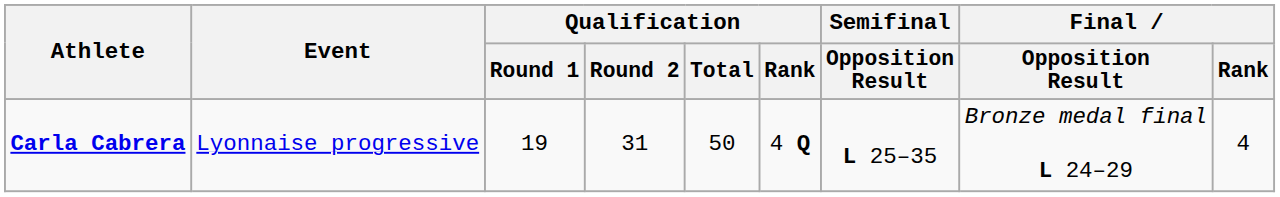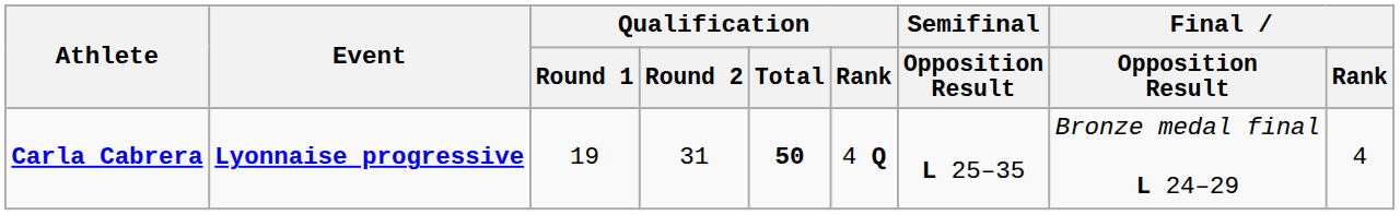 <table class=wikitable style=font-size:90%;text-align:center>
 <tr>
 <th rowspan=2>Athlete</th>
 <th rowspan=2>Event</th>
 <th colspan=4>Qualification</th>
 <th>Semifinal</th>
 <th colspan=2>Final / </th>
 </tr>
 <tr style=font-size:95%>
 <th>Round 1</th>
 <th>Round 2</th>
 <th>Total</th>
 <th>Rank</th>
 <th>Opposition<br>Result</th>
 <th>Opposition<br>Result</th>
 <th>Rank</th>
 </tr>
 <tr>
 <td align=left><strong><a href='#'>Carla Cabrera</a></strong></td>
-<td align=left><a href='#'>Lyonnaise progressive</a></td>
+<td align=left><strong><a href='#'>Lyonnaise progressive</a></strong></td>
 <td>19</td>
 <td>31</td>
-<td>50</td>
+<td><strong>50</strong></td>
 <td>4 <strong>Q</strong></td>
 <td><br><strong>L</strong> 25–35</td>
 <td><em>Bronze medal final</em><br><br><strong>L</strong> 24–29</td>
 <td>4</td>
 </tr>
 </table>
